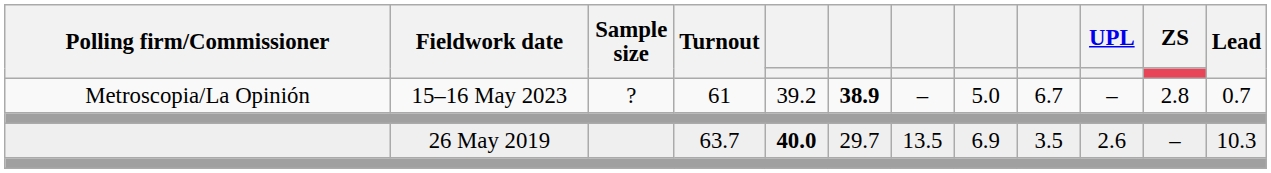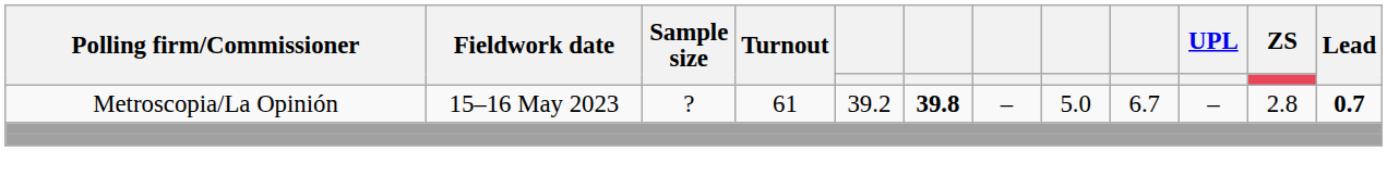 <table class="wikitable collapsible collapsed" style="text-align:center; font-size:95%; line-height:16px;">
 <tr style="height:42px;">
 <th style="width:250px;" rowspan="2">Polling firm/Commissioner</th>
 <th style="width:125px;" rowspan="2">Fieldwork date</th>
 <th style="width:50px;" rowspan="2">Sample size</th>
 <th style="width:45px;" rowspan="2">Turnout</th>
 <th style="width:35px;"></th>
 <th style="width:35px;"></th>
 <th style="width:35px;"></th>
 <th style="width:35px;"></th>
 <th style="width:35px;"></th>
 <th style="width:35px;"><a href='#'>UPL</a></th>
 <th style="width:35px;">ZS</th>
 <th style="width:30px;" rowspan="2">Lead</th>
 </tr>
 <tr>
 <th style="color:inherit;background:"></th>
 <th style="color:inherit;background:"></th>
 <th style="color:inherit;background:"></th>
 <th style="color:inherit;background:"></th>
 <th style="color:inherit;background:"></th>
 <th style="color:inherit;background:"></th>
 <th style="color:inherit;background:#E84558;"></th>
 </tr>
 <tr>
 <td>Metroscopia/La Opinión</td>
 <td>15–16 May 2023</td>
 <td>?</td>
 <td>61</td>
 <td>39.2<br></td>
-<td><strong>38.9</strong><br></td>
+<td><strong>39.8</strong><br></td>
 <td>–</td>
 <td>5.0<br></td>
 <td>6.7<br></td>
 <td>–</td>
 <td>2.8<br></td>
-<td style="background:">0.7</td>
+<td style="background:"><strong>0.7</strong></td>
 </tr>
 <tr>
 <td colspan="12" style="background:#A0A0A0"></td>
-</tr>
-<tr style="background:#EFEFEF;">
-<td><strong></strong></td>
-<td>26 May 2019</td>
-<td></td>
-<td>63.7</td>
-<td><strong>40.0</strong><br></td>
-<td>29.7<br></td>
-<td>13.5<br></td>
-<td>6.9<br></td>
-<td>3.5<br></td>
-<td>2.6<br></td>
-<td>–</td>
-<td style="background:">10.3</td>
 </tr>
 <tr>
 <td colspan="12" style="background:#A0A0A0"></td>
 </tr>
 </table>
